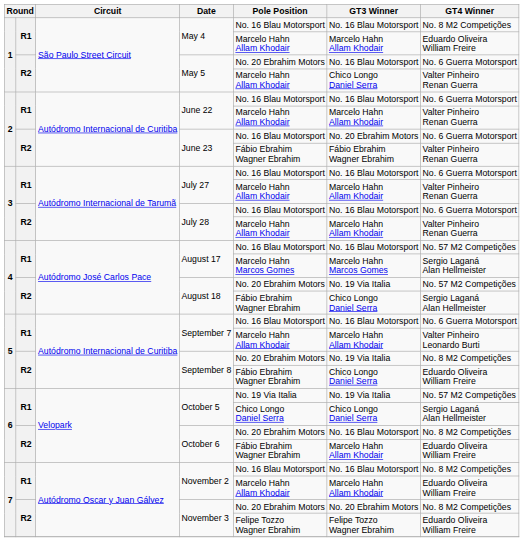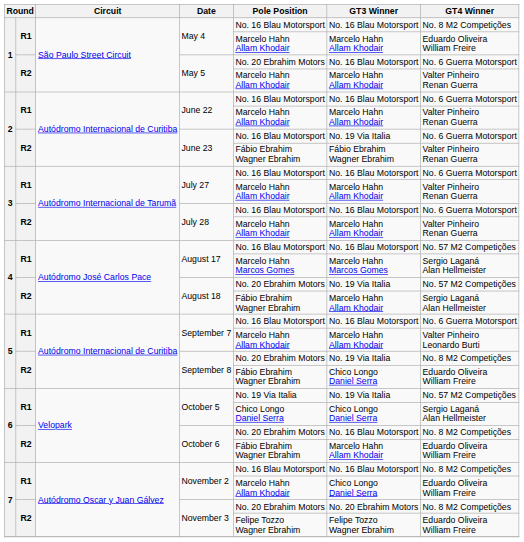 <table class="wikitable" style="font-size: 85%">
 <tr>
 <th colspan=2>Round</th>
 <th>Circuit</th>
 <th>Date</th>
 <th>Pole Position</th>
 <th>GT3 Winner</th>
 <th>GT4 Winner</th>
 </tr>
 <tr>
 <th rowspan=4>1</th>
 <th rowspan=2>R1</th>
 <td rowspan=4><a href='#'>São Paulo Street Circuit</a></td>
 <td rowspan=2>May 4</td>
 <td>No. 16 Blau Motorsport</td>
 <td>No. 16 Blau Motorsport</td>
 <td>No. 8 M2 Competições</td>
 </tr>
 <tr>
 <td>Marcelo Hahn<br> <a href='#'>Allam Khodair</a></td>
 <td>Marcelo Hahn<br> <a href='#'>Allam Khodair</a></td>
 <td>Eduardo Oliveira<br>William Freire</td>
 </tr>
 <tr>
 <th rowspan=2>R2</th>
 <td rowspan=2>May 5</td>
 <td>No. 20 Ebrahim Motors</td>
 <td>No. 16 Blau Motorsport</td>
 <td>No. 6 Guerra Motorsport</td>
 </tr>
 <tr>
 <td>Marcelo Hahn<br> <a href='#'>Allam Khodair</a></td>
-<td>Chico Longo<br><a href='#'>Daniel Serra</a></td>
+<td>Marcelo Hahn<br> <a href='#'>Allam Khodair</a></td>
 <td>Valter Pinheiro<br>Renan Guerra</td>
 </tr>
 <tr>
 <th rowspan=4>2</th>
 <th rowspan=2>R1</th>
 <td rowspan=4><a href='#'>Autódromo Internacional de Curitiba</a></td>
 <td rowspan=2>June 22</td>
 <td>No. 16 Blau Motorsport</td>
 <td>No. 16 Blau Motorsport</td>
 <td>No. 6 Guerra Motorsport</td>
 </tr>
 <tr>
 <td>Marcelo Hahn<br> <a href='#'>Allam Khodair</a></td>
 <td>Marcelo Hahn<br> <a href='#'>Allam Khodair</a></td>
 <td>Valter Pinheiro<br>Renan Guerra</td>
 </tr>
 <tr>
 <th rowspan=2>R2</th>
 <td rowspan=2>June 23</td>
 <td>No. 16 Blau Motorsport</td>
-<td>No. 20 Ebrahim Motors</td>
+<td>No. 19 Via Italia</td>
 <td>No. 6 Guerra Motorsport</td>
 </tr>
 <tr>
 <td>Fábio Ebrahim<br>Wagner Ebrahim</td>
 <td>Fábio Ebrahim<br>Wagner Ebrahim</td>
 <td>Valter Pinheiro<br>Renan Guerra</td>
 </tr>
 <tr>
 <th rowspan=4>3</th>
 <th rowspan=2>R1</th>
 <td rowspan=4><a href='#'>Autódromo Internacional de Tarumã</a></td>
 <td rowspan=2>July 27</td>
 <td>No. 16 Blau Motorsport</td>
 <td>No. 16 Blau Motorsport</td>
 <td>No. 6 Guerra Motorsport</td>
 </tr>
 <tr>
 <td>Marcelo Hahn<br> <a href='#'>Allam Khodair</a></td>
 <td>Marcelo Hahn<br> <a href='#'>Allam Khodair</a></td>
 <td>Valter Pinheiro<br>Renan Guerra</td>
 </tr>
 <tr>
 <th rowspan=2>R2</th>
 <td rowspan=2>July 28</td>
 <td>No. 16 Blau Motorsport</td>
 <td>No. 16 Blau Motorsport</td>
 <td>No. 6 Guerra Motorsport</td>
 </tr>
 <tr>
 <td>Marcelo Hahn<br> <a href='#'>Allam Khodair</a></td>
 <td>Marcelo Hahn<br> <a href='#'>Allam Khodair</a></td>
 <td>Valter Pinheiro<br>Renan Guerra</td>
 </tr>
 <tr>
 <th rowspan=4>4</th>
 <th rowspan=2>R1</th>
 <td rowspan=4><a href='#'>Autódromo José Carlos Pace</a></td>
 <td rowspan=2>August 17</td>
 <td>No. 16 Blau Motorsport</td>
 <td>No. 16 Blau Motorsport</td>
 <td>No. 57 M2 Competições</td>
 </tr>
 <tr>
 <td>Marcelo Hahn<br> <a href='#'>Marcos Gomes</a></td>
 <td>Marcelo Hahn<br> <a href='#'>Marcos Gomes</a></td>
 <td>Sergio Laganá<br>Alan Hellmeister</td>
 </tr>
 <tr>
 <th rowspan=2>R2</th>
 <td rowspan=2>August 18</td>
 <td>No. 20 Ebrahim Motors</td>
 <td>No. 19 Via Italia</td>
 <td>No. 57 M2 Competições</td>
 </tr>
 <tr>
 <td>Fábio Ebrahim<br>Wagner Ebrahim</td>
-<td>Chico Longo<br><a href='#'>Daniel Serra</a></td>
+<td>Marcelo Hahn<br> <a href='#'>Allam Khodair</a></td>
 <td>Sergio Laganá<br>Alan Hellmeister</td>
 </tr>
 <tr>
 <th rowspan=4>5</th>
 <th rowspan=2>R1</th>
 <td rowspan=4><a href='#'>Autódromo Internacional de Curitiba</a></td>
 <td rowspan=2>September 7</td>
 <td>No. 16 Blau Motorsport</td>
 <td>No. 16 Blau Motorsport</td>
 <td>No. 6 Guerra Motorsport</td>
 </tr>
 <tr>
 <td>Marcelo Hahn<br> <a href='#'>Allam Khodair</a></td>
 <td>Marcelo Hahn<br> <a href='#'>Allam Khodair</a></td>
 <td>Valter Pinheiro<br>Leonardo Burti</td>
 </tr>
 <tr>
 <th rowspan=2>R2</th>
 <td rowspan=2>September 8</td>
 <td>No. 20 Ebrahim Motors</td>
 <td>No. 19 Via Italia</td>
 <td>No. 8 M2 Competições</td>
 </tr>
 <tr>
 <td>Fábio Ebrahim<br>Wagner Ebrahim</td>
 <td>Chico Longo<br><a href='#'>Daniel Serra</a></td>
 <td>Eduardo Oliveira<br>William Freire</td>
 </tr>
 <tr>
 <th rowspan=4>6</th>
 <th rowspan=2>R1</th>
 <td rowspan=4><a href='#'>Velopark</a></td>
 <td rowspan=2>October 5</td>
 <td>No. 19 Via Italia</td>
 <td>No. 19 Via Italia</td>
 <td>No. 57 M2 Competições</td>
 </tr>
 <tr>
 <td>Chico Longo<br><a href='#'>Daniel Serra</a></td>
 <td>Chico Longo<br><a href='#'>Daniel Serra</a></td>
 <td>Sergio Laganá<br>Alan Hellmeister</td>
 </tr>
 <tr>
 <th rowspan=2>R2</th>
 <td rowspan=2>October 6</td>
 <td>No. 20 Ebrahim Motors</td>
 <td>No. 16 Blau Motorsport</td>
 <td>No. 8 M2 Competições</td>
 </tr>
 <tr>
 <td>Fábio Ebrahim<br>Wagner Ebrahim</td>
 <td>Marcelo Hahn<br> <a href='#'>Allam Khodair</a></td>
 <td>Eduardo Oliveira<br>William Freire</td>
 </tr>
 <tr>
 <th rowspan=4>7</th>
 <th rowspan=2>R1</th>
 <td rowspan=4><a href='#'>Autódromo Oscar y Juan Gálvez</a></td>
 <td rowspan=2>November 2</td>
 <td>No. 16 Blau Motorsport</td>
 <td>No. 16 Blau Motorsport</td>
 <td>No. 8 M2 Competições</td>
 </tr>
 <tr>
 <td>Marcelo Hahn<br> <a href='#'>Allam Khodair</a></td>
-<td>Marcelo Hahn<br> <a href='#'>Allam Khodair</a></td>
+<td>Chico Longo<br><a href='#'>Daniel Serra</a></td>
 <td>Eduardo Oliveira<br>William Freire</td>
 </tr>
 <tr>
 <th rowspan=2>R2</th>
 <td rowspan=2>November 3</td>
 <td>No. 20 Ebrahim Motors</td>
 <td>No. 20 Ebrahim Motors</td>
 <td>No. 8 M2 Competições</td>
 </tr>
 <tr>
 <td>Felipe Tozzo<br>Wagner Ebrahim</td>
 <td>Felipe Tozzo<br>Wagner Ebrahim</td>
 <td>Eduardo Oliveira<br>William Freire</td>
 </tr>
 <tr>
 </tr>
 </table>
